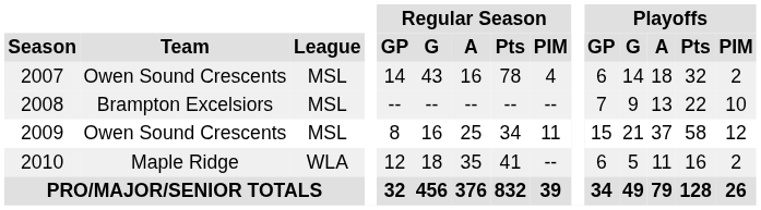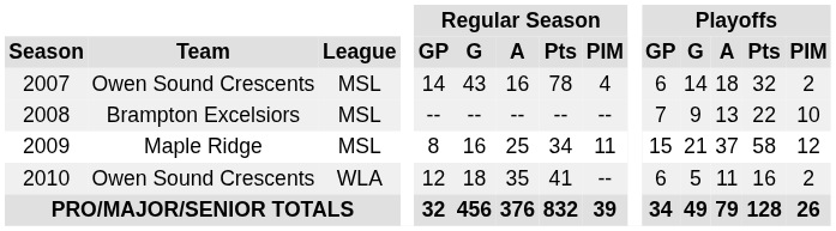 <table BORDER="0" CELLPADDING="3" CELLSPACING="0">
 <tr ALIGN="center" bgcolor="#e0e0e0">
 <th colspan="3" bgcolor="#ffffff"> </th>
 <th rowspan="99" bgcolor="#ffffff"> </th>
 <th colspan="5">Regular Season</th>
 <th rowspan="99" bgcolor="#ffffff"> </th>
 <th colspan="5">Playoffs</th>
 </tr>
 <tr ALIGN="center" bgcolor="#e0e0e0">
 <th>Season</th>
 <th>Team</th>
 <th>League</th>
 <th>GP</th>
 <th>G</th>
 <th>A</th>
 <th>Pts</th>
 <th>PIM</th>
 <th>GP</th>
 <th>G</th>
 <th>A</th>
 <th>Pts</th>
 <th>PIM</th>
 </tr>
 <tr ALIGN="center" bgcolor="#f0f0f0">
 </tr>
 <tr ALIGN="center" bgcolor="#f0f0f0">
 <td>2007</td>
 <td>Owen Sound Crescents</td>
 <td>MSL</td>
 <td>14</td>
 <td>43</td>
 <td>16</td>
 <td>78</td>
 <td>4</td>
 <td>6</td>
 <td>14</td>
 <td>18</td>
 <td>32</td>
 <td>2</td>
 </tr>
 <tr ALIGN="center" bgcolor="#f0f0f0">
 <td>2008</td>
 <td>Brampton Excelsiors</td>
 <td>MSL</td>
 <td>--</td>
 <td>--</td>
 <td>--</td>
 <td>--</td>
 <td>--</td>
 <td>7</td>
 <td>9</td>
 <td>13</td>
 <td>22</td>
 <td>10</td>
 </tr>
 <tr ALIGN="center">
 <td>2009</td>
-<td>Owen Sound Crescents</td>
+<td>Maple Ridge</td>
 <td>MSL</td>
 <td>8</td>
 <td>16</td>
 <td>25</td>
 <td>34</td>
 <td>11</td>
 <td>15</td>
 <td>21</td>
 <td>37</td>
 <td>58</td>
 <td>12</td>
 </tr>
 <tr ALIGN="center" bgcolor="#f0f0f0">
 <td>2010</td>
-<td>Maple Ridge</td>
+<td>Owen Sound Crescents</td>
 <td>WLA</td>
 <td>12</td>
 <td>18</td>
 <td>35</td>
 <td>41</td>
 <td>--</td>
 <td>6</td>
 <td>5</td>
 <td>11</td>
 <td>16</td>
 <td>2</td>
 </tr>
 <tr ALIGN="center" bgcolor="#e0e0e0">
 <th colspan="3">PRO/MAJOR/SENIOR TOTALS</th>
 <th>32</th>
 <th>456</th>
 <th>376</th>
 <th>832</th>
 <th>39</th>
 <th>34</th>
 <th>49</th>
 <th>79</th>
 <th>128</th>
 <th>26</th>
 </tr>
 </table>
